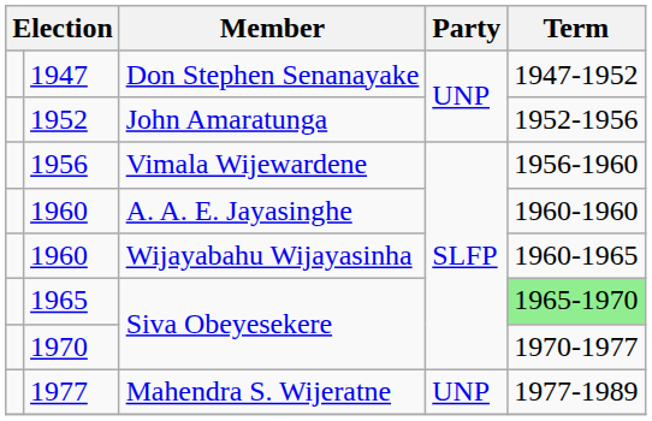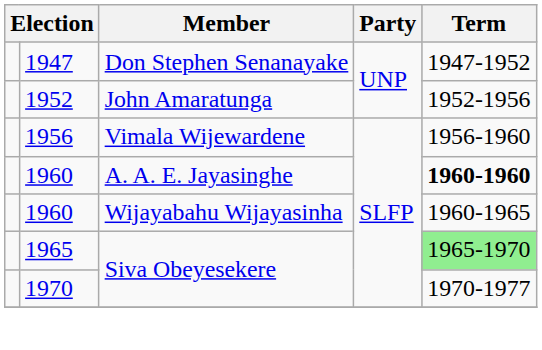 <table class="wikitable">
 <tr>
 <th colspan="2">Election</th>
 <th>Member</th>
 <th>Party</th>
 <th>Term</th>
 </tr>
 <tr>
 <td style="background-color: "></td>
 <td><a href='#'>1947</a></td>
 <td><a href='#'>Don Stephen Senanayake</a></td>
 <td rowspan=2><a href='#'>UNP</a></td>
 <td>1947-1952</td>
 </tr>
 <tr>
 <td style="background-color: "></td>
 <td><a href='#'>1952</a></td>
 <td><a href='#'>John Amaratunga</a></td>
 <td>1952-1956</td>
 </tr>
 <tr>
 <td style="background-color: "></td>
 <td><a href='#'>1956</a></td>
 <td><a href='#'>Vimala Wijewardene</a></td>
 <td rowspan=5><a href='#'>SLFP</a></td>
 <td>1956-1960</td>
 </tr>
 <tr>
 <td style="background-color: "></td>
 <td><a href='#'>1960</a></td>
 <td><a href='#'>A. A. E. Jayasinghe</a></td>
-<td>1960-1960</td>
+<td><strong>1960-1960</strong></td>
 </tr>
 <tr>
 <td style="background-color: "></td>
 <td><a href='#'>1960</a></td>
 <td><a href='#'>Wijayabahu Wijayasinha</a></td>
 <td>1960-1965</td>
 </tr>
 <tr>
 <td style="background-color: "></td>
 <td><a href='#'>1965</a></td>
 <td rowspan=2><a href='#'>Siva Obeyesekere</a></td>
 <td style="background: lightgreen;">1965-1970</td>
 </tr>
 <tr>
 <td style="background-color: "></td>
 <td><a href='#'>1970</a></td>
 <td>1970-1977</td>
 </tr>
 <tr>
-<td style="background-color: "></td>
-<td><a href='#'>1977</a></td>
-<td><a href='#'>Mahendra S. Wijeratne</a></td>
-<td><a href='#'>UNP</a></td>
-<td>1977-1989</td>
-</tr>
-<tr>
 </tr>
 </table>
